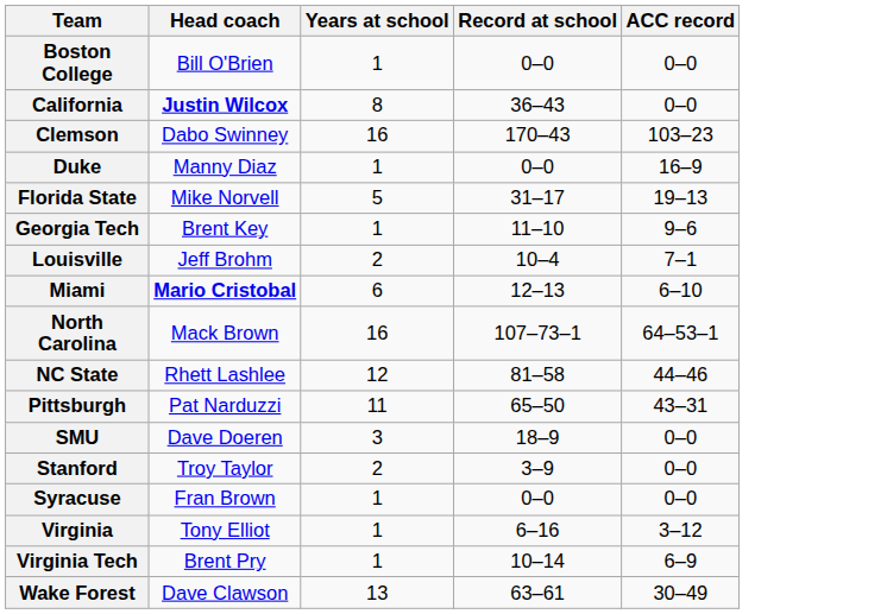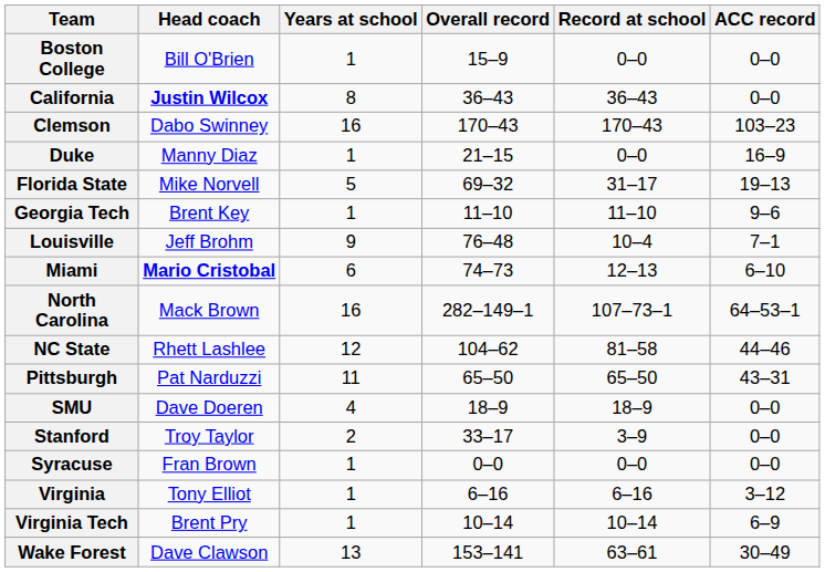 <table class="wikitable sortable" style="text-align: center;">
 <tr>
 <th width="110">Team</th>
 <th>Head coach</th>
 <th>Years at school</th>
+<th>Overall record</th>
 <th>Record at school</th>
 <th>ACC record</th>
 </tr>
 <tr>
 <th>Boston College</th>
 <td><a href='#'>Bill O'Brien</a></td>
 <td>1</td>
+<td>15–9</td>
 <td>0–0</td>
 <td>0–0</td>
 </tr>
 <tr>
 <th>California</th>
 <td><strong><a href='#'>Justin Wilcox</a></strong></td>
 <td>8</td>
 <td>36–43</td>
+<td>36–43</td>
 <td>0–0</td>
 </tr>
 <tr>
 <th>Clemson</th>
 <td><a href='#'>Dabo Swinney</a></td>
 <td>16</td>
 <td>170–43</td>
+<td>170–43</td>
 <td>103–23</td>
 </tr>
 <tr>
 <th>Duke</th>
 <td><a href='#'>Manny Diaz</a></td>
 <td>1</td>
+<td>21–15</td>
 <td>0–0</td>
 <td>16–9</td>
 </tr>
 <tr>
 <th>Florida State</th>
 <td><a href='#'>Mike Norvell</a></td>
 <td>5</td>
+<td>69–32</td>
 <td>31–17</td>
 <td>19–13</td>
 </tr>
 <tr>
 <th>Georgia Tech</th>
 <td><a href='#'>Brent Key</a></td>
 <td>1</td>
 <td>11–10</td>
+<td>11–10</td>
 <td>9–6</td>
 </tr>
 <tr>
 <th>Louisville</th>
 <td><a href='#'>Jeff Brohm</a></td>
-<td>2</td>
+<td>9</td>
+<td>76–48</td>
 <td>10–4</td>
 <td>7–1</td>
 </tr>
 <tr>
 <th>Miami</th>
 <td><strong><a href='#'>Mario Cristobal</a></strong></td>
 <td>6</td>
+<td>74–73</td>
 <td>12–13</td>
 <td>6–10</td>
 </tr>
 <tr>
 <th>North Carolina</th>
 <td><a href='#'>Mack Brown</a></td>
 <td>16</td>
+<td>282–149–1</td>
 <td>107–73–1</td>
 <td>64–53–1</td>
 </tr>
 <tr>
 <th>NC State</th>
 <td><a href='#'>Rhett Lashlee</a></td>
 <td>12</td>
+<td>104–62</td>
 <td>81–58</td>
 <td>44–46</td>
 </tr>
 <tr>
 <th>Pittsburgh</th>
 <td><a href='#'>Pat Narduzzi</a></td>
 <td>11</td>
 <td>65–50</td>
+<td>65–50</td>
 <td>43–31</td>
 </tr>
 <tr>
 <th>SMU</th>
 <td><a href='#'>Dave Doeren</a></td>
-<td>3</td>
+<td>4</td>
+<td>18–9</td>
 <td>18–9</td>
 <td>0–0</td>
 </tr>
 <tr>
 <th>Stanford</th>
 <td><a href='#'>Troy Taylor</a></td>
 <td>2</td>
+<td>33–17</td>
 <td>3–9</td>
 <td>0–0</td>
 </tr>
 <tr>
 <th>Syracuse</th>
 <td><a href='#'>Fran Brown</a></td>
 <td>1</td>
 <td>0–0</td>
 <td>0–0</td>
+<td>0–0</td>
 </tr>
 <tr>
 <th>Virginia</th>
 <td><a href='#'>Tony Elliot</a></td>
 <td>1</td>
+<td>6–16</td>
 <td>6–16</td>
 <td>3–12</td>
 </tr>
 <tr>
 <th>Virginia Tech</th>
 <td><a href='#'>Brent Pry</a></td>
 <td>1</td>
 <td>10–14</td>
+<td>10–14</td>
 <td>6–9</td>
 </tr>
 <tr>
 <th>Wake Forest</th>
 <td><a href='#'>Dave Clawson</a></td>
 <td>13</td>
+<td>153–141</td>
 <td>63–61</td>
 <td>30–49</td>
 </tr>
 </table>
